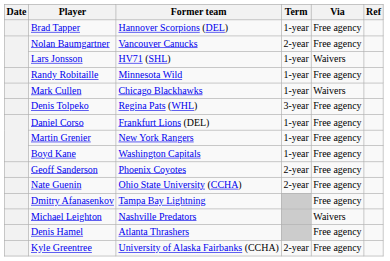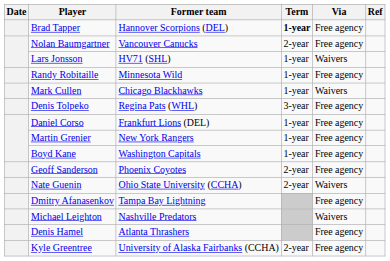 <table class="wikitable plainrowheaders">
 <tr style="background:#ddd; text-align:center;">
 <th>Date</th>
 <th>Player</th>
 <th>Former team</th>
 <th>Term</th>
 <th>Via</th>
 <th>Ref</th>
 </tr>
 <tr>
 <th scope="row"></th>
 <td><a href='#'>Brad Tapper</a></td>
 <td><a href='#'>Hannover Scorpions</a> (<a href='#'>DEL</a>)</td>
-<td>1-year</td>
+<td><strong>1-year</strong></td>
 <td>Free agency</td>
 <td></td>
 </tr>
 <tr>
 <th scope="row" rowspan=2></th>
 <td><a href='#'>Nolan Baumgartner</a></td>
 <td><a href='#'>Vancouver Canucks</a></td>
 <td>2-year</td>
 <td>Free agency</td>
 <td></td>
 </tr>
 <tr>
 <td><a href='#'>Lars Jonsson</a></td>
 <td><a href='#'>HV71</a> (<a href='#'>SHL</a>)</td>
 <td>1-year</td>
 <td>Waivers</td>
 <td></td>
 </tr>
 <tr>
 <th scope="row"></th>
 <td><a href='#'>Randy Robitaille</a></td>
 <td><a href='#'>Minnesota Wild</a></td>
 <td>1-year</td>
 <td>Free agency</td>
 <td></td>
 </tr>
 <tr>
 <th scope="row"></th>
 <td><a href='#'>Mark Cullen</a></td>
 <td><a href='#'>Chicago Blackhawks</a></td>
 <td>1-year</td>
 <td>Waivers</td>
 <td></td>
 </tr>
 <tr>
 <th scope="row"></th>
 <td><a href='#'>Denis Tolpeko</a></td>
 <td><a href='#'>Regina Pats</a> (<a href='#'>WHL</a>)</td>
 <td>3-year</td>
 <td>Free agency</td>
 <td></td>
 </tr>
 <tr>
 <th scope="row" rowspan=3></th>
 <td><a href='#'>Daniel Corso</a></td>
 <td><a href='#'>Frankfurt Lions</a> (DEL)</td>
 <td>1-year</td>
 <td>Free agency</td>
 <td></td>
 </tr>
 <tr>
 <td><a href='#'>Martin Grenier</a></td>
 <td><a href='#'>New York Rangers</a></td>
 <td>1-year</td>
 <td>Free agency</td>
 <td></td>
 </tr>
 <tr>
 <td><a href='#'>Boyd Kane</a></td>
 <td><a href='#'>Washington Capitals</a></td>
 <td>1-year</td>
 <td>Free agency</td>
 <td></td>
 </tr>
 <tr>
 <th scope="row"></th>
 <td><a href='#'>Geoff Sanderson</a></td>
 <td><a href='#'>Phoenix Coyotes</a></td>
 <td>2-year</td>
 <td>Free agency</td>
 <td></td>
 </tr>
 <tr>
 <th scope="row"></th>
 <td><a href='#'>Nate Guenin</a></td>
 <td><a href='#'>Ohio State University</a> (<a href='#'>CCHA</a>)</td>
 <td>2-year</td>
-<td>Free agency</td>
+<td>Waivers</td>
 <td></td>
 </tr>
 <tr>
 <th scope="row"></th>
 <td><a href='#'>Dmitry Afanasenkov</a></td>
 <td><a href='#'>Tampa Bay Lightning</a></td>
 <td style="background:#ccc"></td>
 <td>Free agency</td>
 <td></td>
 </tr>
 <tr>
 <th scope="row"></th>
 <td><a href='#'>Michael Leighton</a></td>
 <td><a href='#'>Nashville Predators</a></td>
 <td style="background:#ccc"></td>
 <td>Waivers</td>
 <td></td>
 </tr>
 <tr>
 <th scope="row"></th>
 <td><a href='#'>Denis Hamel</a></td>
 <td><a href='#'>Atlanta Thrashers</a></td>
 <td style="background:#ccc"></td>
 <td>Free agency</td>
 <td></td>
 </tr>
 <tr>
 <th scope="row"></th>
 <td><a href='#'>Kyle Greentree</a></td>
 <td><a href='#'>University of Alaska Fairbanks</a> (CCHA)</td>
 <td>2-year</td>
 <td>Free agency</td>
 <td></td>
 </tr>
 </table>
